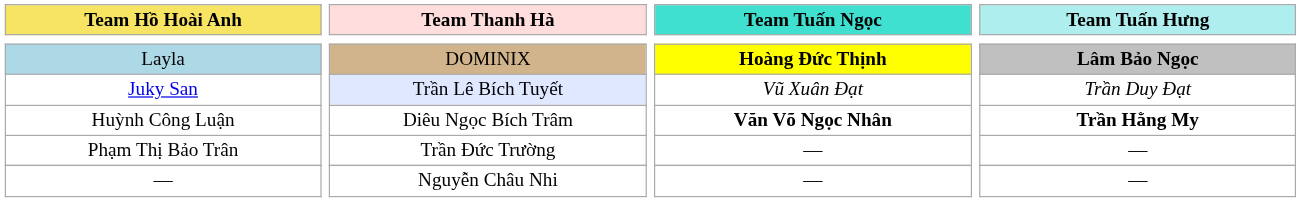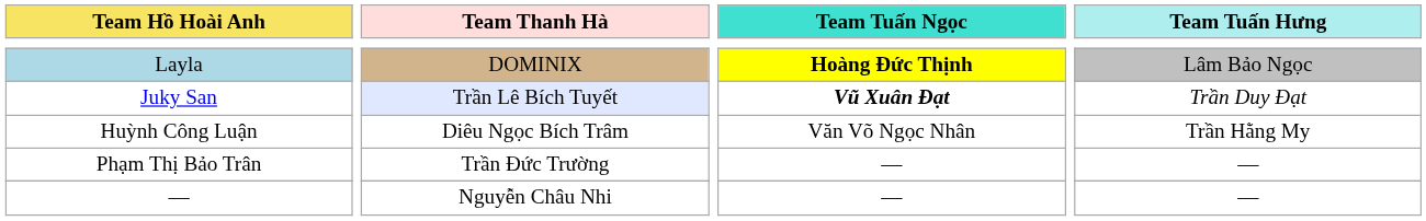 <table class="wikitable" style="border:none;background:transparent;text-align:center;margin:auto">
 <tr 8>
 <td bgcolor="#f7e463" style="width:16em"><strong>Team Hồ Hoài Anh</strong></td>
 <td style="border:none" bgcolor="transparent"></td>
 <td bgcolor="#ffdddd" style="width:16em"><strong>Team Thanh Hà</strong></td>
 <td style="border:none" bgcolor="transparent"></td>
 <td bgcolor="turquoise" style="width:16em"><strong>Team Tuấn Ngọc</strong></td>
 <td style="border:none" bgcolor="transparent"></td>
 <td bgcolor="#afeeee" style="width:16em"><strong>Team Tuấn Hưng</strong></td>
 </tr>
 <tr style="border:none" bgcolor="transparent">
 <td style="border:none" bgcolor="transparent"></td>
 </tr>
 <tr>
 <td bgcolor="lightblue">Layla</td>
 <td rowspan="10" style="border:none" bgcolor="transparent"></td>
 <td bgcolor="tan">DOMINIX</td>
 <td rowspan="10" style="border:none" bgcolor="transparent"></td>
 <td bgcolor="yellow"><strong>Hoàng Đức Thịnh</strong></td>
 <td rowspan="10" style="border:none" bgcolor="transparent"></td>
-<td bgcolor="silver"><strong>Lâm Bảo Ngọc</strong></td>
+<td bgcolor="silver">Lâm Bảo Ngọc</td>
 </tr>
 <tr>
 <td><a href='#'>Juky San</a></td>
 <td bgcolor="E0E8FF">Trần Lê Bích Tuyết</td>
-<td><em>Vũ Xuân Đạt</em></td>
+<td><strong><em>Vũ Xuân Đạt</em></strong></td>
 <td><em>Trần Duy Đạt</em></td>
 </tr>
 <tr>
 <td>Huỳnh Công Luận</td>
 <td>Diêu Ngọc Bích Trâm</td>
-<td><strong>Văn Võ Ngọc Nhân</strong></td>
-<td><strong>Trần Hằng My</strong></td>
+<td>Văn Võ Ngọc Nhân</td>
+<td>Trần Hằng My</td>
 </tr>
 <tr>
 <td>Phạm Thị Bảo Trân</td>
 <td>Trần Đức Trường</td>
 <td>—</td>
 <td>—</td>
 </tr>
 <tr>
 </tr>
 <tr>
 <td>—</td>
 <td>Nguyễn Châu Nhi</td>
 <td>—</td>
 <td>—</td>
 </tr>
 </table>
